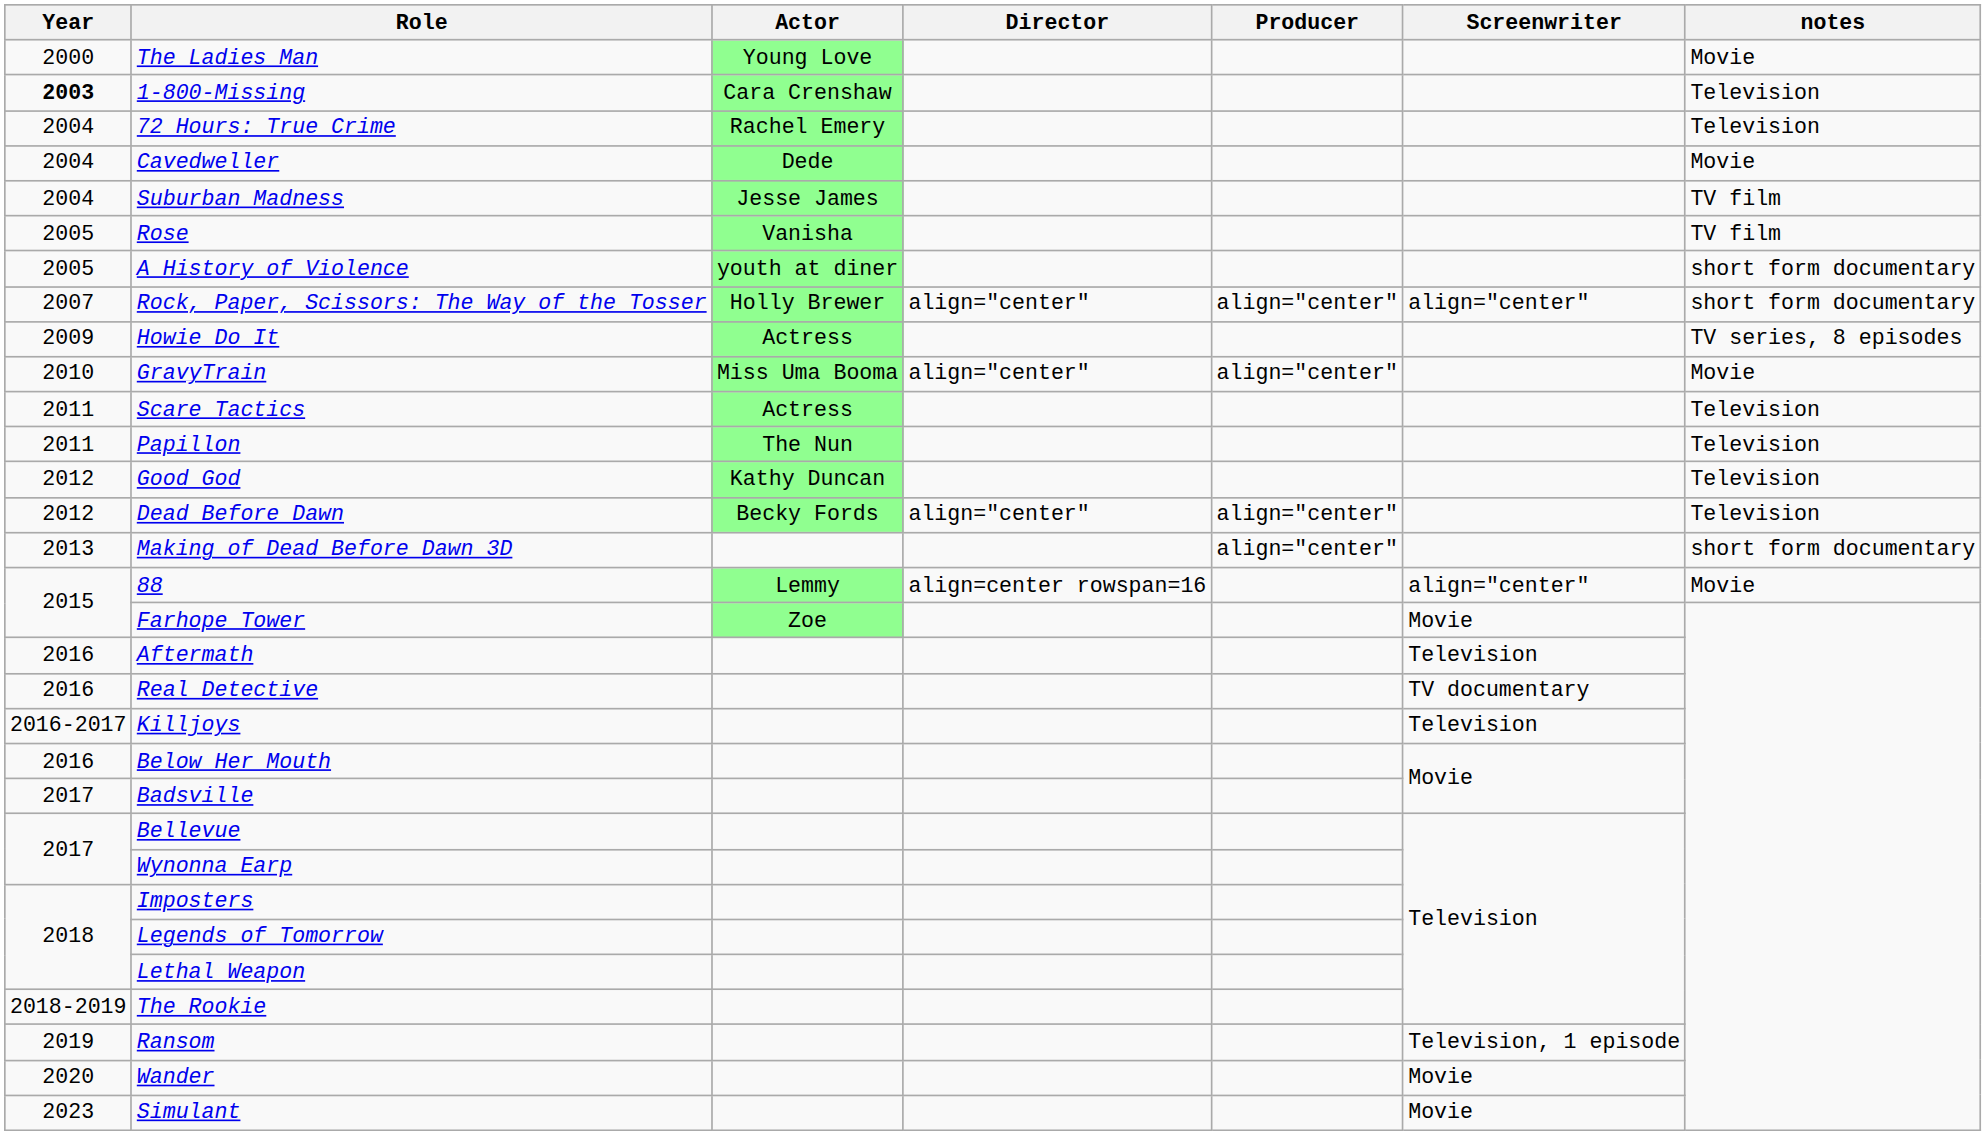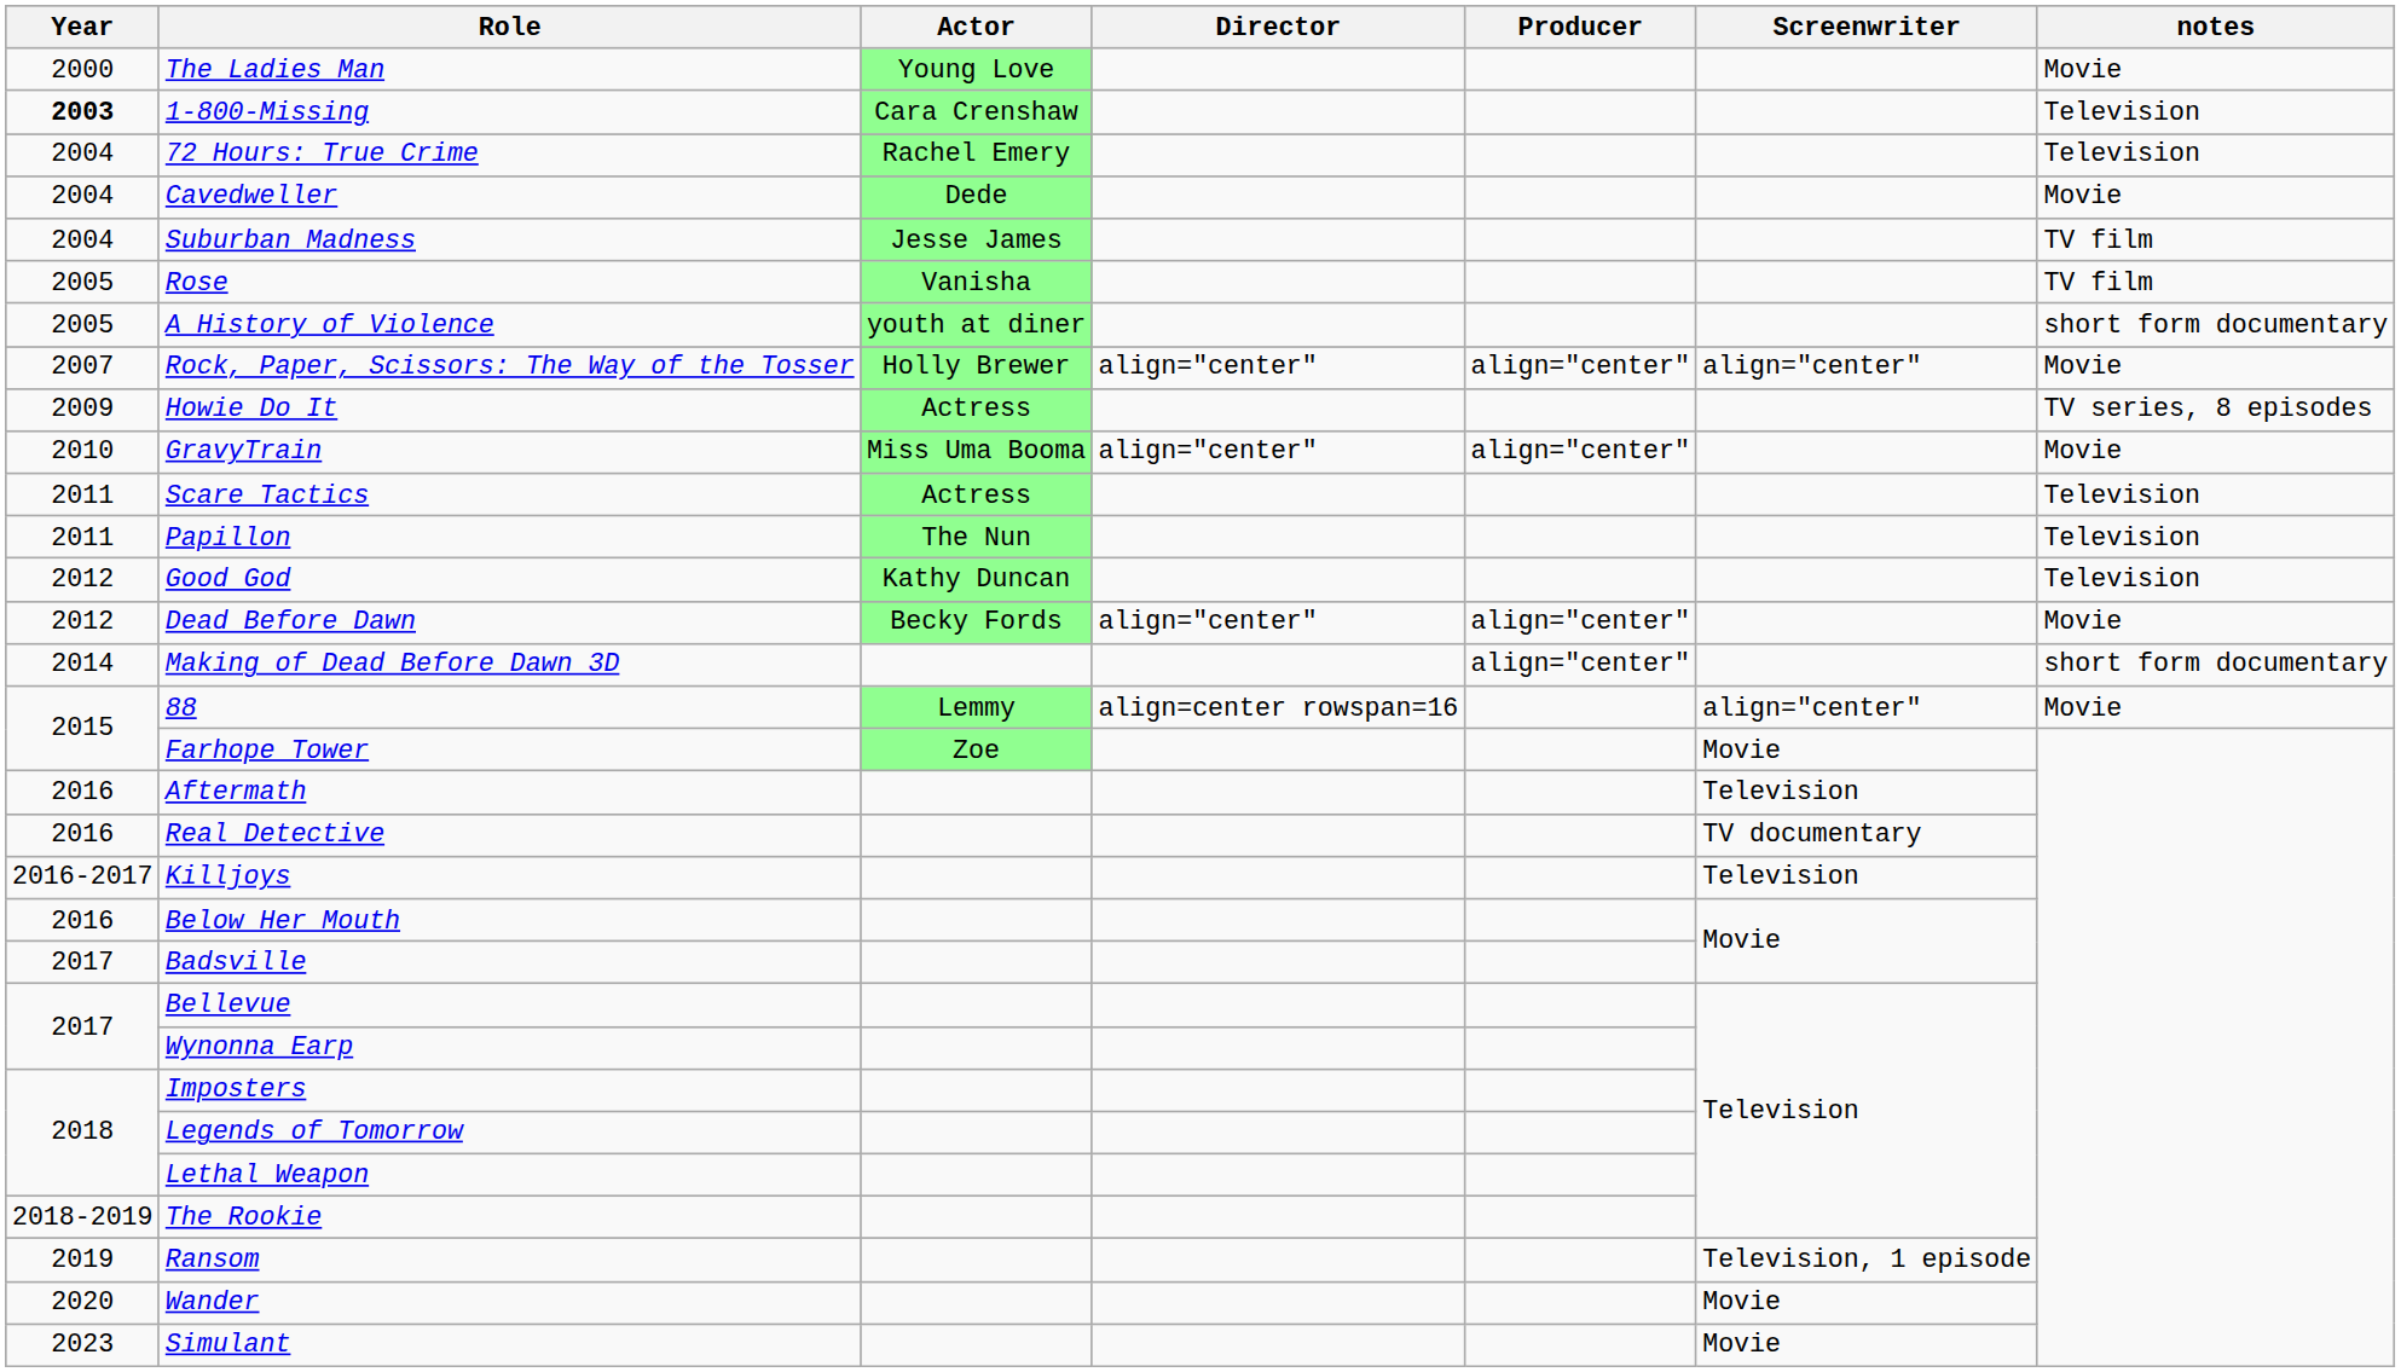 <table class="wikitable sortable">
 <tr>
 <th>Year</th>
 <th>Role</th>
 <th>Actor</th>
 <th>Director</th>
 <th>Producer</th>
 <th>Screenwriter</th>
 <th>notes</th>
 </tr>
 <tr>
 <td align="center">2000</td>
 <td><em><a href='#'>The Ladies Man</a></em></td>
 <td align="center" style="background:#90ff90">Young Love</td>
 <td></td>
 <td></td>
 <td></td>
 <td>Movie</td>
 </tr>
 <tr>
 <td align="center"><strong>2003</strong></td>
 <td><em><a href='#'>1-800-Missing</a></em></td>
 <td align="center" style="background:#90ff90">Cara Crenshaw</td>
 <td></td>
 <td></td>
 <td></td>
 <td>Television</td>
 </tr>
 <tr>
 <td align="center">2004</td>
 <td><em><a href='#'>72 Hours: True Crime</a></em></td>
 <td align="center" style="background:#90ff90">Rachel Emery</td>
 <td></td>
 <td></td>
 <td></td>
 <td>Television</td>
 </tr>
 <tr>
 <td align="center">2004</td>
 <td><em><a href='#'>Cavedweller</a></em></td>
 <td align="center" style="background:#90ff90">Dede</td>
 <td></td>
 <td></td>
 <td></td>
 <td>Movie</td>
 </tr>
 <tr>
 <td align="center">2004</td>
 <td><em><a href='#'>Suburban Madness</a></em></td>
 <td align="center" style="background:#90ff90">Jesse James</td>
 <td></td>
 <td></td>
 <td></td>
 <td>TV film</td>
 </tr>
 <tr>
 <td align="center">2005</td>
 <td><em><a href='#'>Rose</a></em></td>
 <td align="center" style="background:#90ff90">Vanisha</td>
 <td></td>
 <td></td>
 <td></td>
 <td>TV film</td>
 </tr>
 <tr>
 <td align="center">2005</td>
 <td><em><a href='#'>A History of Violence</a></em></td>
 <td align="center" style="background:#90ff90">youth at diner</td>
 <td></td>
 <td></td>
 <td></td>
 <td>short form documentary</td>
 </tr>
 <tr>
 <td align="center">2007</td>
 <td><em><a href='#'>Rock, Paper, Scissors: The Way of the Tosser</a></em></td>
 <td align="center" style="background:#90ff90">Holly Brewer</td>
 <td>align="center" </td>
 <td>align="center" </td>
 <td>align="center" </td>
-<td>short form documentary</td>
+<td>Movie</td>
 </tr>
 <tr>
 <td align="center">2009</td>
 <td><em><a href='#'>Howie Do It</a></em></td>
 <td align="center" style="background:#90ff90">Actress</td>
 <td></td>
 <td></td>
 <td></td>
 <td>TV series, 8 episodes</td>
 </tr>
 <tr>
 <td align="center">2010</td>
 <td><em><a href='#'>GravyTrain</a></em></td>
 <td align="center" style="background:#90ff90">Miss Uma Booma</td>
 <td>align="center" </td>
 <td>align="center" </td>
 <td></td>
 <td>Movie</td>
 </tr>
 <tr>
 <td align="center">2011</td>
 <td><em><a href='#'>Scare Tactics</a></em></td>
 <td align="center" style="background:#90ff90">Actress</td>
 <td></td>
 <td></td>
 <td></td>
 <td>Television</td>
 </tr>
 <tr>
 <td align="center">2011</td>
 <td><em><a href='#'>Papillon</a></em></td>
 <td align="center" style="background:#90ff90">The Nun</td>
 <td></td>
 <td></td>
 <td></td>
 <td>Television</td>
 </tr>
 <tr>
 <td align="center">2012</td>
 <td><em><a href='#'>Good God</a></em></td>
 <td align="center" style="background:#90ff90">Kathy Duncan</td>
 <td></td>
 <td></td>
 <td></td>
 <td>Television</td>
 </tr>
 <tr>
 <td align="center">2012</td>
 <td><em><a href='#'>Dead Before Dawn</a></em></td>
 <td align="center" style="background:#90ff90">Becky Fords</td>
 <td>align="center" </td>
 <td>align="center" </td>
 <td></td>
-<td>Television</td>
+<td>Movie</td>
 </tr>
 <tr>
-<td align="center">2013</td>
+<td align="center">2014</td>
 <td><em><a href='#'>Making of Dead Before Dawn 3D</a></em></td>
 <td></td>
 <td></td>
 <td>align="center" </td>
 <td></td>
 <td>short form documentary</td>
 </tr>
 <tr>
 <td align=center rowspan=2>2015</td>
 <td><em><a href='#'>88</a></em></td>
 <td align="center" style="background:#90ff90">Lemmy</td>
 <td>align=center rowspan=16 </td>
 <td></td>
 <td>align="center" </td>
 <td>Movie</td>
 </tr>
 <tr>
 <td><em><a href='#'>Farhope Tower</a></em></td>
 <td align="center" style="background:#90ff90">Zoe</td>
 <td></td>
 <td></td>
 <td>Movie</td>
 </tr>
 <tr>
 <td align="center">2016</td>
 <td><em><a href='#'>Aftermath</a></em></td>
 <td></td>
 <td></td>
 <td></td>
 <td>Television</td>
 </tr>
 <tr>
 <td align="center">2016</td>
 <td><em><a href='#'>Real Detective</a></em></td>
 <td></td>
 <td></td>
 <td></td>
 <td>TV documentary</td>
 </tr>
 <tr>
 <td align="center">2016-2017</td>
 <td><em><a href='#'>Killjoys</a></em></td>
 <td></td>
 <td></td>
 <td></td>
 <td>Television</td>
 </tr>
 <tr>
 <td align=center>2016</td>
 <td><em><a href='#'>Below Her Mouth</a></em></td>
 <td></td>
 <td></td>
 <td></td>
 <td rowspan=2>Movie</td>
 </tr>
 <tr>
 <td align="center">2017</td>
 <td><em><a href='#'>Badsville</a></em></td>
 <td></td>
 <td></td>
 <td></td>
 </tr>
 <tr>
 <td align=center rowspan=2>2017</td>
 <td><em> <a href='#'>Bellevue</a></em></td>
 <td></td>
 <td></td>
 <td></td>
 <td rowspan=6>Television</td>
 </tr>
 <tr>
 <td><em><a href='#'>Wynonna Earp</a></em></td>
 <td></td>
 <td></td>
 <td></td>
 </tr>
 <tr>
 <td align=center rowspan=3>2018</td>
 <td><em><a href='#'>Imposters</a></em></td>
 <td></td>
 <td></td>
 <td></td>
 </tr>
 <tr>
 <td><em><a href='#'>Legends of Tomorrow</a></em></td>
 <td></td>
 <td></td>
 <td></td>
 </tr>
 <tr>
 <td><em> <a href='#'>Lethal Weapon</a></em></td>
 <td></td>
 <td></td>
 <td></td>
 </tr>
 <tr>
 <td align=center>2018-2019</td>
 <td><em> <a href='#'>The Rookie</a></em></td>
 <td></td>
 <td></td>
 <td></td>
 </tr>
 <tr>
 <td align=center>2019</td>
 <td><em> <a href='#'>Ransom</a></em></td>
 <td></td>
 <td></td>
 <td></td>
 <td>Television, 1  episode</td>
 </tr>
 <tr>
 <td align=center>2020</td>
 <td><em><a href='#'>Wander</a></em></td>
 <td></td>
 <td></td>
 <td></td>
 <td>Movie</td>
 </tr>
 <tr>
 <td align=center>2023</td>
 <td><em><a href='#'>Simulant</a></em></td>
 <td></td>
 <td></td>
 <td></td>
 <td>Movie</td>
 </tr>
 </table>
